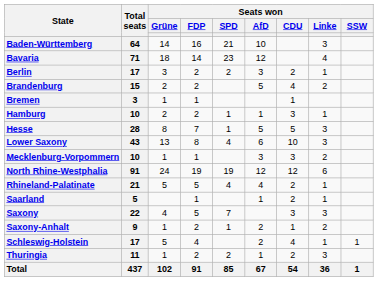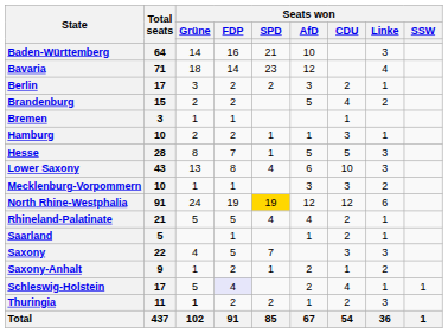 <table class="wikitable" style="text-align:center; font-size: 0.9em;">
 <tr>
 <th rowspan="3">State</th>
 <th rowspan="3">Total<br>seats</th>
 <th colspan="7">Seats won</th>
 </tr>
 <tr>
 <th class="unsortable" style="width:45px;"><a href='#'>Grüne</a></th>
 <th class="unsortable" style="width:45px;"><a href='#'>FDP</a></th>
 <th class="unsortable" style="width:45px;"><a href='#'>SPD</a></th>
 <th class="unsortable" style="width:45px;"><a href='#'>AfD</a></th>
 <th class="unsortable" style="width:45px;"><a href='#'>CDU</a></th>
 <th class="unsortable" style="width:45px;"><a href='#'>Linke</a></th>
 <th class="unsortable" style="width:45px;"><a href='#'>SSW</a></th>
 </tr>
 <tr>
 <th style="background:"></th>
 <th style="background:"></th>
 <th style="background:"></th>
 <th style="background:"></th>
 <th style="background:"></th>
 <th style="background:"></th>
 <th style="background:"></th>
 </tr>
 <tr>
 <th style="text-align: left;"><a href='#'>Baden-Württemberg</a></th>
 <th>64</th>
 <td>14</td>
 <td>16</td>
 <td>21</td>
 <td>10</td>
 <td></td>
 <td>3</td>
 <td></td>
 </tr>
 <tr>
 <th style="text-align: left;"><a href='#'>Bavaria</a></th>
 <th>71</th>
 <td>18</td>
 <td>14</td>
 <td>23</td>
 <td>12</td>
 <td></td>
 <td>4</td>
 <td></td>
 </tr>
 <tr>
 <th style="text-align: left;"><a href='#'>Berlin</a></th>
 <th>17</th>
 <td>3</td>
 <td>2</td>
 <td>2</td>
 <td>3</td>
 <td>2</td>
 <td>1</td>
 <td></td>
 </tr>
 <tr>
 <th style="text-align: left;"><a href='#'>Brandenburg</a></th>
 <th>15</th>
 <td>2</td>
 <td>2</td>
 <td></td>
 <td>5</td>
 <td>4</td>
 <td>2</td>
 <td></td>
 </tr>
 <tr>
 <th style="text-align: left;"><a href='#'>Bremen</a></th>
 <th>3</th>
 <td>1</td>
 <td>1</td>
 <td></td>
 <td></td>
 <td>1</td>
 <td></td>
 <td></td>
 </tr>
 <tr>
 <th style="text-align: left;"><a href='#'>Hamburg</a></th>
 <th>10</th>
 <td>2</td>
 <td>2</td>
 <td>1</td>
 <td>1</td>
 <td>3</td>
 <td>1</td>
 <td></td>
 </tr>
 <tr>
 <th style="text-align: left;"><a href='#'>Hesse</a></th>
 <th>28</th>
 <td>8</td>
 <td>7</td>
 <td>1</td>
 <td>5</td>
 <td>5</td>
 <td>3</td>
 <td></td>
 </tr>
 <tr>
 <th style="text-align: left;"><a href='#'>Lower Saxony</a></th>
 <th>43</th>
 <td>13</td>
 <td>8</td>
 <td>4</td>
 <td>6</td>
 <td>10</td>
 <td>3</td>
 <td></td>
 </tr>
 <tr>
 <th style="text-align: left;"><a href='#'>Mecklenburg-Vorpommern</a></th>
 <th>10</th>
 <td>1</td>
 <td>1</td>
 <td></td>
 <td>3</td>
 <td>3</td>
 <td>2</td>
 <td></td>
 </tr>
 <tr>
 <th style="text-align: left;"><a href='#'>North Rhine-Westphalia</a></th>
 <th>91</th>
 <td>24</td>
 <td>19</td>
-<td>19</td>
+<td style="background: gold;">19</td>
 <td>12</td>
 <td>12</td>
 <td>6</td>
 <td></td>
 </tr>
 <tr class="sortbottom">
 <th style="text-align: left;"><a href='#'>Rhineland-Palatinate</a></th>
 <th>21</th>
 <td>5</td>
 <td>5</td>
 <td>4</td>
 <td>4</td>
 <td>2</td>
 <td>1</td>
 <td></td>
 </tr>
 <tr>
 <th style="text-align: left;"><a href='#'>Saarland</a></th>
 <th>5</th>
 <td></td>
 <td>1</td>
 <td></td>
 <td>1</td>
 <td>2</td>
 <td>1</td>
 <td></td>
 </tr>
 <tr>
 <th style="text-align: left;"><a href='#'>Saxony</a></th>
 <th>22</th>
 <td>4</td>
 <td>5</td>
 <td>7</td>
 <td></td>
 <td>3</td>
 <td>3</td>
 <td></td>
 </tr>
 <tr>
 <th style="text-align: left;"><a href='#'>Saxony-Anhalt</a></th>
 <th>9</th>
 <td>1</td>
 <td>2</td>
 <td>1</td>
 <td>2</td>
 <td>1</td>
 <td>2</td>
 <td></td>
 </tr>
 <tr>
 <th style="text-align: left;"><a href='#'>Schleswig-Holstein</a></th>
 <th>17</th>
 <td>5</td>
-<td>4</td>
+<td style="background: lavender;">4</td>
 <td></td>
 <td>2</td>
 <td>4</td>
 <td>1</td>
 <td>1</td>
 </tr>
 <tr>
 <th style="text-align: left;"><a href='#'>Thuringia</a></th>
 <th>11</th>
-<td>1</td>
+<td><strong>1</strong></td>
 <td>2</td>
 <td>2</td>
 <td>1</td>
 <td>2</td>
 <td>3</td>
 <td></td>
 </tr>
 <tr>
 <th style="text-align: left;">Total</th>
 <th>437</th>
 <th>102</th>
 <th>91</th>
 <th>85</th>
 <th>67</th>
 <th>54</th>
 <th>36</th>
 <th>1</th>
 </tr>
 </table>
